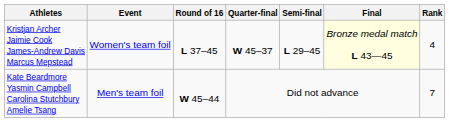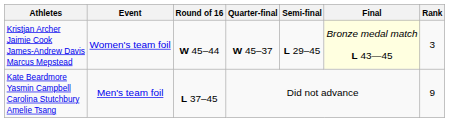 <table class="wikitable" style="text-align:left; font-size:90%">
 <tr>
 <th><small>Athletes</small></th>
 <th><small>Event</small></th>
 <th><small>Round of 16</small></th>
 <th><small>Quarter-final</small></th>
 <th><small>Semi-final</small></th>
 <th><small>Final</small></th>
 <th><small>Rank</small></th>
 </tr>
 <tr align=center>
 <td align=left><small><a href='#'>Kristjan Archer</a><br><a href='#'>Jaimie Cook</a><br><a href='#'>James-Andrew Davis</a><br><a href='#'>Marcus Mepstead</a></small></td>
 <td><a href='#'>Women's team foil</a></td>
-<td><br><strong>L</strong> 37–45</td>
+<td><br><strong>W</strong> 45–44</td>
 <td><br><strong>W</strong> 45–37</td>
 <td><br><strong>L</strong> 29–45</td>
 <td style="background: lightyellow;"><em>Bronze medal match</em><br><br><strong>L</strong> 43—45</td>
-<td>4</td>
+<td>3</td>
 </tr>
 <tr align=center>
 <td align=left><small><a href='#'>Kate Beardmore</a><br><a href='#'>Yasmin Campbell</a><br><a href='#'>Carolina Stutchbury</a><br><a href='#'>Amelie Tsang</a></small></td>
 <td><a href='#'>Men's team foil</a></td>
-<td><br><strong>W</strong> 45–44</td>
+<td><br><strong>L</strong> 37–45</td>
 <td colspan=3>Did not advance</td>
-<td>7</td>
+<td>9</td>
 </tr>
 </table>
